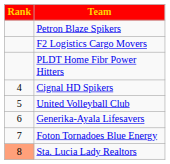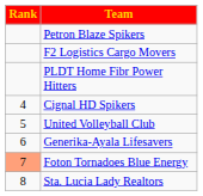 <table class="wikitable" style="text-align: center;">
 <tr>
 <th width=40 style="background:#FF0000; color:#FFD700;">Rank</th>
 <th width=200 style="background:#FF0000; color:#FFD700;">Team</th>
 </tr>
 <tr>
 <td></td>
 <td align="left"><a href='#'>Petron Blaze Spikers</a></td>
 </tr>
 <tr>
 <td></td>
 <td align="left"><a href='#'>F2 Logistics Cargo Movers</a></td>
 </tr>
 <tr>
 <td></td>
 <td align="left"><a href='#'>PLDT Home Fibr Power Hitters</a></td>
 </tr>
 <tr>
 <td>4</td>
 <td align="left"><a href='#'>Cignal HD Spikers</a></td>
 </tr>
 <tr>
 <td>5</td>
 <td align="left"><a href='#'>United Volleyball Club</a></td>
 </tr>
 <tr>
 <td>6</td>
 <td align="left"><a href='#'>Generika-Ayala Lifesavers</a></td>
 </tr>
 <tr>
-<td>7</td>
+<td style="background: lightsalmon;">7</td>
 <td align="left"><a href='#'>Foton Tornadoes Blue Energy</a></td>
 </tr>
 <tr>
-<td style="background: lightsalmon;">8</td>
+<td>8</td>
 <td align="left"><a href='#'>Sta. Lucia Lady Realtors</a></td>
 </tr>
 </table>
